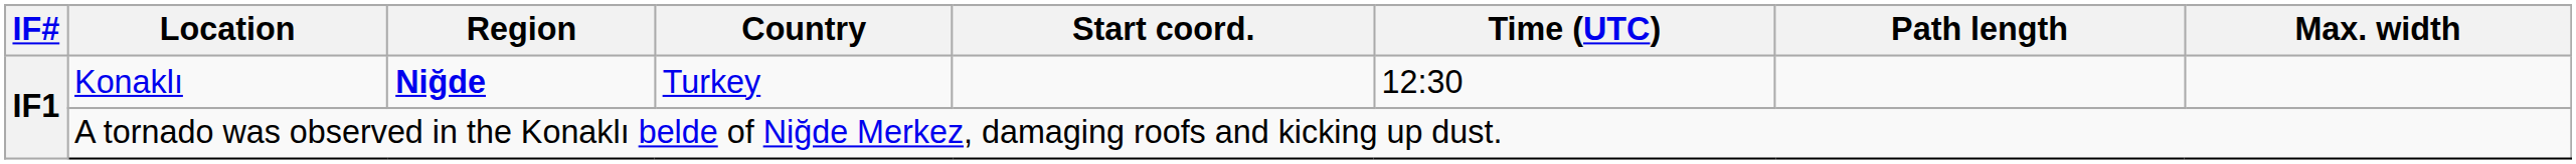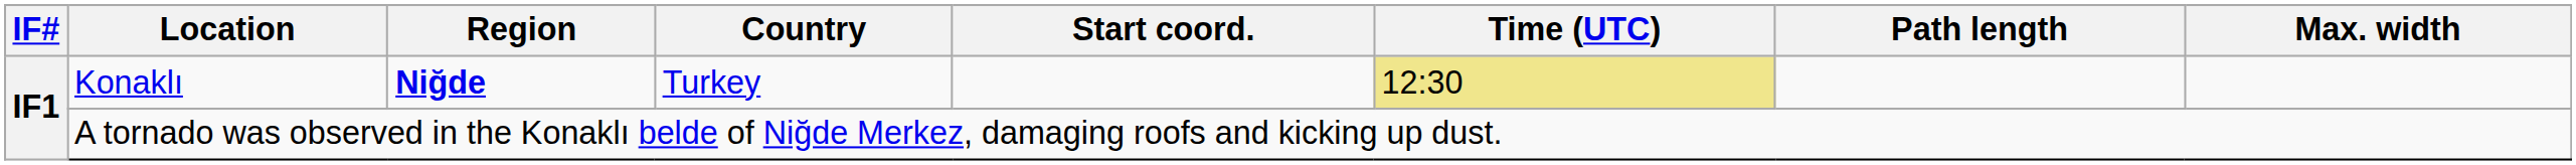 <table class="wikitable sortable" style="width:100%;">
 <tr>
 <th scope="col" width="2%" align="center"><a href='#'>IF#</a></th>
 <th scope="col" align="center" class="unsortable">Location</th>
 <th scope="col" align="center" class="unsortable">Region</th>
 <th scope="col" align="center">Country</th>
 <th scope="col" align="center">Start coord.</th>
 <th scope="col" align="center">Time (<a href='#'>UTC</a>)</th>
 <th scope="col" align="center">Path length</th>
 <th scope="col" align="center">Max. width</th>
 </tr>
 <tr>
 <th scope="row" rowspan="2" style="background-color:#">IF1</th>
 <td><a href='#'>Konaklı</a></td>
 <td><strong><a href='#'>Niğde</a></strong></td>
 <td><a href='#'>Turkey</a></td>
 <td></td>
-<td>12:30</td>
+<td style="background: khaki;">12:30</td>
 <td></td>
 <td></td>
 </tr>
 <tr class="expand-child">
 <td colspan="8" style=" border-bottom: 1px solid black;">A tornado was observed in the Konaklı <a href='#'>belde</a> of <a href='#'>Niğde Merkez</a>, damaging roofs and kicking up dust.</td>
 </tr>
 </table>
